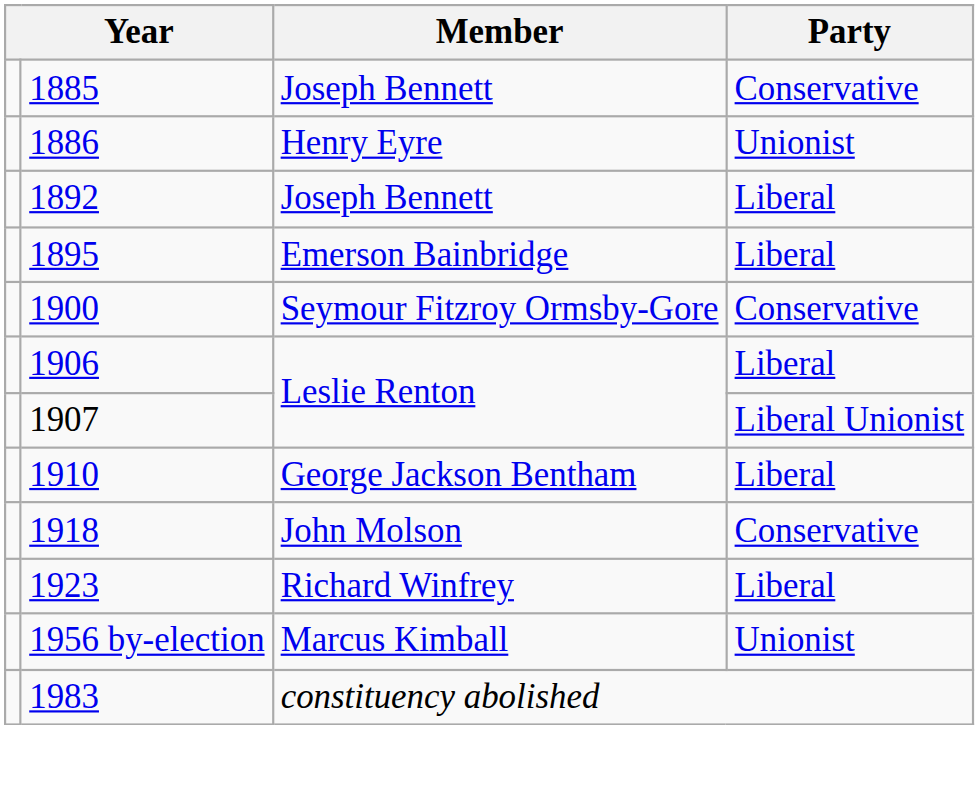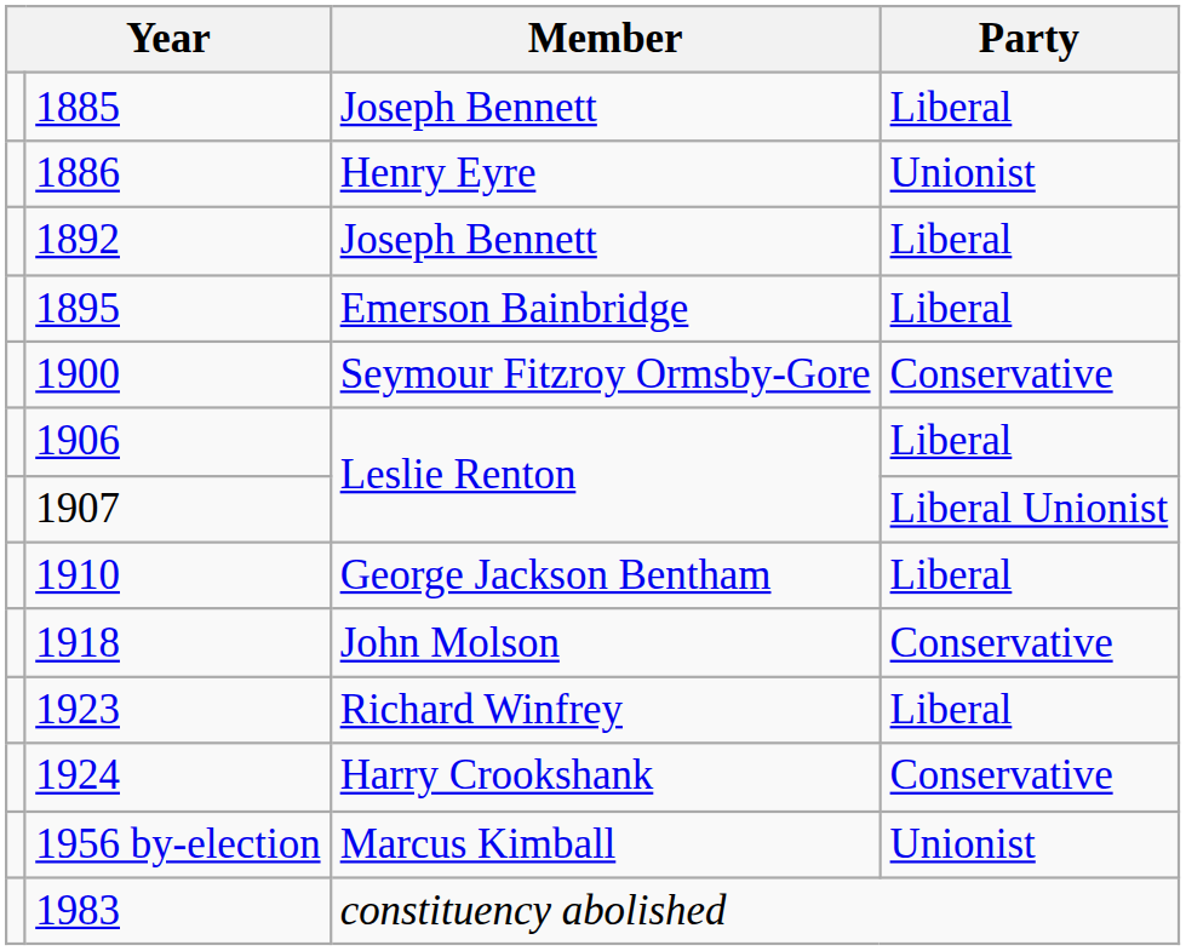 <table class="wikitable">
 <tr>
 <th colspan="2">Year</th>
 <th>Member</th>
 <th>Party</th>
 </tr>
 <tr>
 <td style="color:inherit;background-color: "></td>
 <td><a href='#'>1885</a></td>
 <td><a href='#'>Joseph Bennett</a></td>
-<td><a href='#'>Conservative</a></td>
+<td><a href='#'>Liberal</a></td>
 </tr>
 <tr>
 <td style="color:inherit;background-color: "></td>
 <td><a href='#'>1886</a></td>
 <td><a href='#'>Henry Eyre</a></td>
 <td><a href='#'>Unionist</a></td>
 </tr>
 <tr>
 <td style="color:inherit;background-color: "></td>
 <td><a href='#'>1892</a></td>
 <td><a href='#'>Joseph Bennett</a></td>
 <td><a href='#'>Liberal</a></td>
 </tr>
 <tr>
 <td style="color:inherit;background-color: "></td>
 <td><a href='#'>1895</a></td>
 <td><a href='#'>Emerson Bainbridge</a></td>
 <td><a href='#'>Liberal</a></td>
 </tr>
 <tr>
 <td style="color:inherit;background-color: "></td>
 <td><a href='#'>1900</a></td>
 <td><a href='#'>Seymour Fitzroy Ormsby-Gore</a></td>
 <td><a href='#'>Conservative</a></td>
 </tr>
 <tr>
 <td style="color:inherit;background-color: "></td>
 <td><a href='#'>1906</a></td>
 <td rowspan="2"><a href='#'>Leslie Renton</a></td>
 <td><a href='#'>Liberal</a></td>
 </tr>
 <tr>
 <td style="color:inherit;background-color: "></td>
 <td>1907</td>
 <td><a href='#'>Liberal Unionist</a></td>
 </tr>
 <tr>
 <td style="color:inherit;background-color: "></td>
 <td><a href='#'>1910</a></td>
 <td><a href='#'>George Jackson Bentham</a></td>
 <td><a href='#'>Liberal</a></td>
 </tr>
 <tr>
 <td style="color:inherit;background-color: "></td>
 <td><a href='#'>1918</a></td>
 <td><a href='#'>John Molson</a></td>
 <td><a href='#'>Conservative</a></td>
 </tr>
 <tr>
 <td style="color:inherit;background-color: "></td>
 <td><a href='#'>1923</a></td>
 <td><a href='#'>Richard Winfrey</a></td>
 <td><a href='#'>Liberal</a></td>
 </tr>
 <tr>
 <td style="color:inherit;background-color: "></td>
+<td><a href='#'>1924</a></td>
+<td><a href='#'>Harry Crookshank</a></td>
+<td><a href='#'>Conservative</a></td>
+</tr>
+<tr>
+<td style="color:inherit;background-color: "></td>
 <td><a href='#'>1956 by-election</a></td>
 <td><a href='#'>Marcus Kimball</a></td>
 <td><a href='#'>Unionist</a></td>
 </tr>
 <tr>
 <td></td>
 <td><a href='#'>1983</a></td>
 <td colspan="2"><em>constituency abolished</em></td>
 </tr>
 </table>
